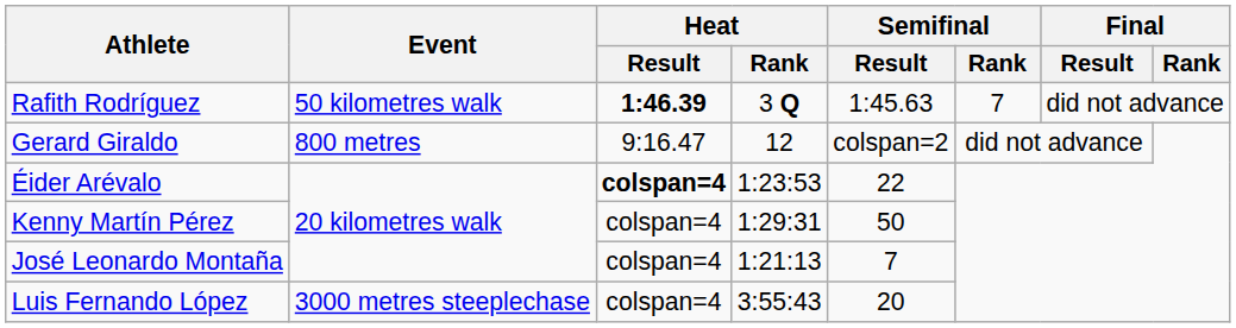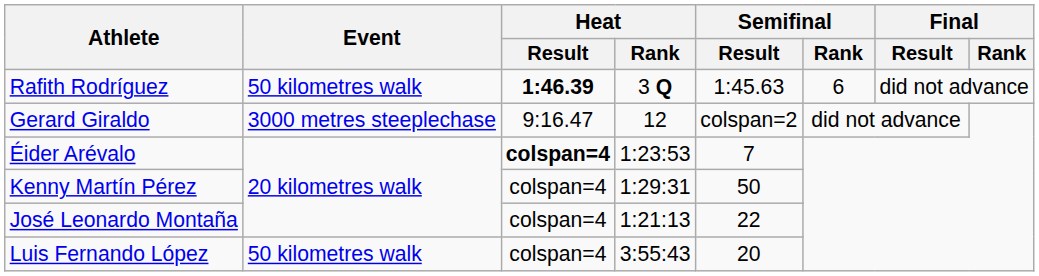 <table class="wikitable" style="font-size:90%">
 <tr>
 <th rowspan="2">Athlete</th>
 <th rowspan="2">Event</th>
 <th colspan="2">Heat</th>
 <th colspan="2">Semifinal</th>
 <th colspan="2">Final</th>
 </tr>
 <tr style="font-size:95%">
 <th>Result</th>
 <th>Rank</th>
 <th>Result</th>
 <th>Rank</th>
 <th>Result</th>
 <th>Rank</th>
 </tr>
 <tr style=text-align:center>
 <td style=text-align:left><a href='#'>Rafith Rodríguez</a></td>
 <td style=text-align:left><a href='#'>50 kilometres walk</a></td>
 <td><strong>1:46.39</strong></td>
 <td>3 <strong>Q</strong></td>
 <td>1:45.63</td>
-<td>7</td>
+<td>6</td>
 <td colspan=2>did not advance</td>
 </tr>
 <tr style=text-align:center>
 <td style=text-align:left><a href='#'>Gerard Giraldo</a></td>
-<td style=text-align:left><a href='#'>800 metres</a></td>
+<td style=text-align:left><a href='#'>3000 metres steeplechase</a></td>
 <td>9:16.47</td>
 <td>12</td>
 <td>colspan=2 </td>
 <td colspan=2>did not advance</td>
 </tr>
 <tr style=text-align:center>
 <td style=text-align:left><a href='#'>Éider Arévalo</a></td>
 <td style=text-align:left rowspan=3><a href='#'>20 kilometres walk</a></td>
 <td><strong>colspan=4 </strong></td>
 <td>1:23:53</td>
-<td>22</td>
+<td>7</td>
 </tr>
 <tr style=text-align:center>
 <td style=text-align:left><a href='#'>Kenny Martín Pérez</a></td>
 <td>colspan=4 </td>
 <td>1:29:31</td>
 <td>50</td>
 </tr>
 <tr style=text-align:center>
 <td style=text-align:left><a href='#'>José Leonardo Montaña</a></td>
 <td>colspan=4 </td>
 <td>1:21:13</td>
-<td>7</td>
+<td>22</td>
 </tr>
 <tr style=text-align:center>
 <td style=text-align:left><a href='#'>Luis Fernando López</a></td>
-<td style=text-align:left><a href='#'>3000 metres steeplechase</a></td>
+<td style=text-align:left><a href='#'>50 kilometres walk</a></td>
 <td>colspan=4 </td>
 <td>3:55:43 <strong></strong></td>
 <td>20</td>
 </tr>
 </table>
